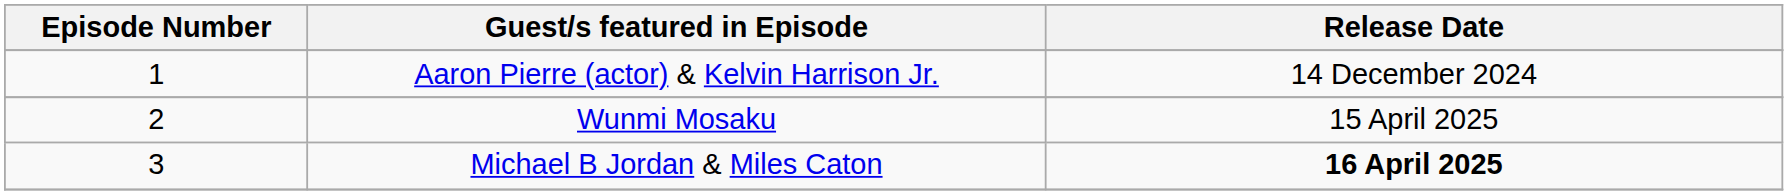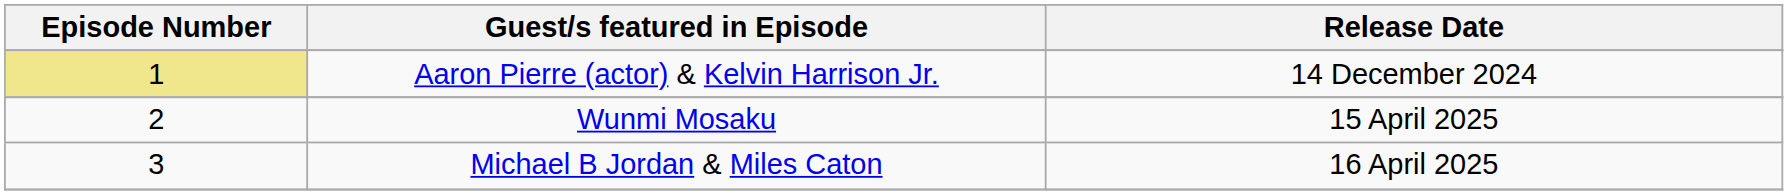 <table class="wikitable plainrowheaders" style="text-align:center;">
 <tr>
 <th scope="col" style="width:10em;">Episode Number</th>
 <th scope="col" style="width:25em;">Guest/s featured in Episode</th>
 <th scope="col" style="width:25em;">Release Date</th>
 </tr>
 <tr>
 </tr>
 <tr>
-<td>1</td>
+<td style="background: khaki;">1</td>
 <td><a href='#'>Aaron Pierre (actor)</a> & <a href='#'>Kelvin Harrison Jr.</a></td>
 <td>14 December 2024</td>
 </tr>
 <tr>
 </tr>
 <tr>
 <td>2</td>
 <td><a href='#'>Wunmi Mosaku</a></td>
 <td>15 April 2025</td>
 </tr>
 <tr>
 <td>3</td>
 <td><a href='#'>Michael B Jordan</a> & <a href='#'>Miles Caton</a></td>
-<td><strong>16 April 2025</strong></td>
+<td>16 April 2025</td>
 </tr>
 <tr>
 </tr>
 </table>
